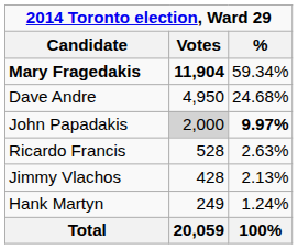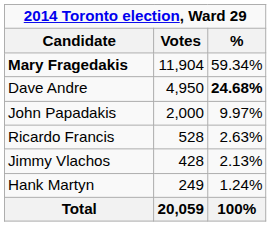 <table class="wikitable">
 <tr>
 <td Colspan="3" align="center"><strong><a href='#'>2014 Toronto election</a>, Ward 29</strong></td>
 </tr>
 <tr>
 <th bgcolor="#DDDDFF" width="150px">Candidate</th>
 <th bgcolor="#DDDDFF">Votes</th>
 <th bgcolor="#DDDDFF">%</th>
 </tr>
 <tr>
 <td><strong>Mary Fragedakis</strong></td>
-<td align=right><strong>11,904</strong></td>
+<td align=right>11,904</td>
 <td align=right>59.34%</td>
 </tr>
 <tr>
 <td>Dave Andre</td>
 <td align=right>4,950</td>
-<td align=right>24.68%</td>
+<td align=right><strong>24.68%</strong></td>
 </tr>
 <tr>
 <td>John Papadakis</td>
-<td align=right style="background: lightgrey;">2,000</td>
-<td align=right><strong>9.97%</strong></td>
+<td align=right>2,000</td>
+<td align=right>9.97%</td>
 </tr>
 <tr>
 <td>Ricardo Francis</td>
 <td align=right>528</td>
 <td align=right>2.63%</td>
 </tr>
 <tr>
 <td>Jimmy Vlachos</td>
 <td align=right>428</td>
 <td align=right>2.13%</td>
 </tr>
 <tr>
 <td>Hank Martyn</td>
 <td align=right>249</td>
 <td align=right>1.24%</td>
 </tr>
 <tr>
 <th>Total</th>
 <th align=right>20,059</th>
 <th align=right>100%</th>
 </tr>
 </table>
